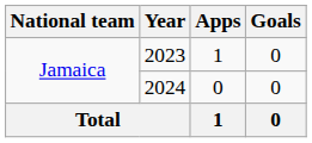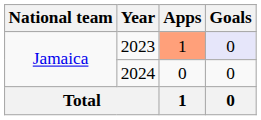 <table class="wikitable" style="text-align: center;">
 <tr>
 <th>National team</th>
 <th>Year</th>
 <th>Apps</th>
 <th>Goals</th>
 </tr>
 <tr>
 <td rowspan="2"><a href='#'>Jamaica</a></td>
 <td>2023</td>
-<td>1</td>
-<td>0</td>
+<td style="background: lightsalmon;">1</td>
+<td style="background: lavender;">0</td>
 </tr>
 <tr>
 <td>2024</td>
 <td>0</td>
 <td>0</td>
 </tr>
 <tr>
 <th colspan="2">Total</th>
 <th>1</th>
 <th>0</th>
 </tr>
 </table>
